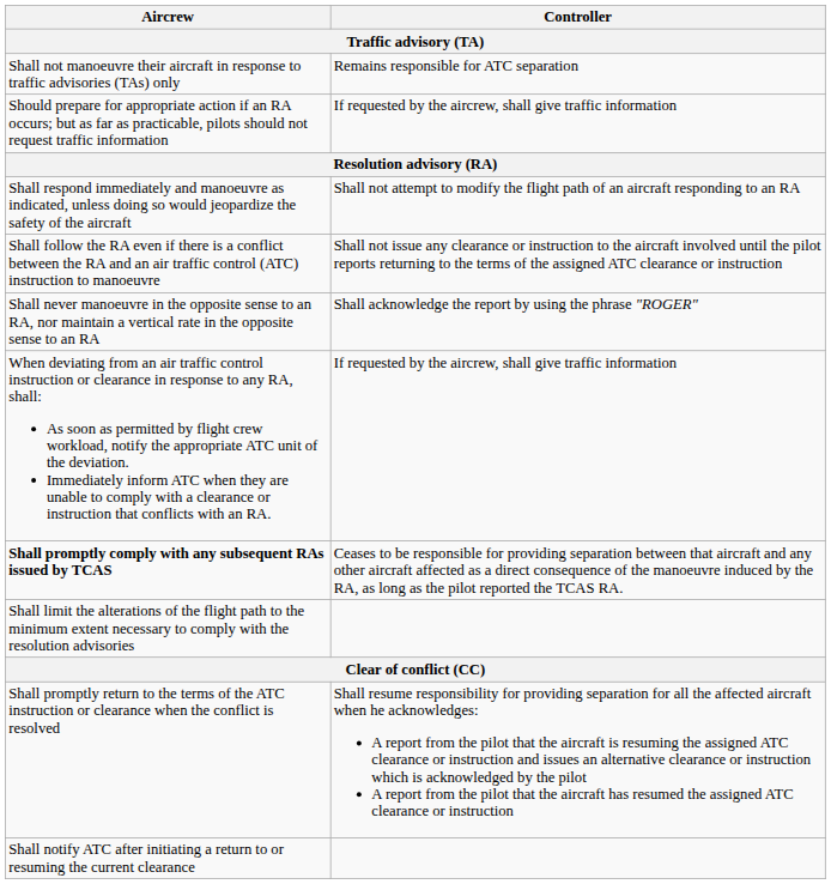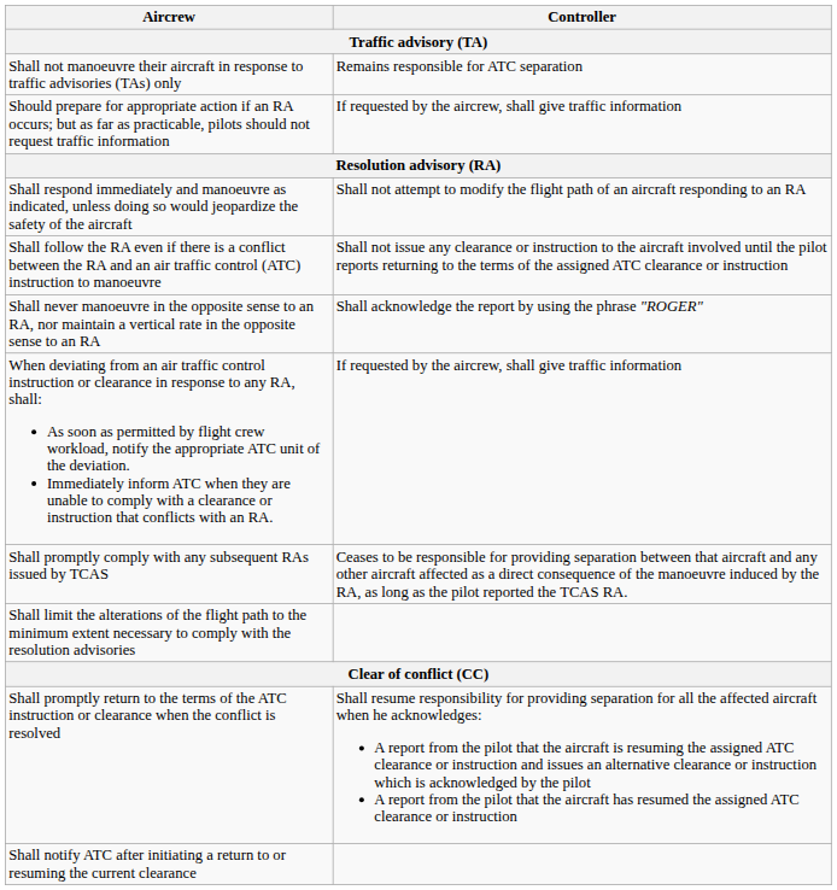 <table class="wikitable">
 <tr valign="top">
 <th center>Aircrew</th>
 <th>Controller</th>
 </tr>
 <tr valign="top">
 <th style="align: center;" colspan="7">Traffic advisory (TA)</th>
 </tr>
 <tr valign="top">
 <td>Shall not manoeuvre their aircraft in response to traffic advisories (TAs) only</td>
 <td>Remains responsible for ATC separation</td>
 </tr>
 <tr valign="top">
 <td>Should prepare for appropriate action if an RA occurs; but as far as practicable, pilots should not request traffic information</td>
 <td>If requested by the aircrew, shall give traffic information</td>
 </tr>
 <tr valign="top">
 <th style="align: center;" colspan="7">Resolution advisory (RA)</th>
 </tr>
 <tr valign="top">
 <td>Shall respond immediately and manoeuvre as indicated, unless doing so would jeopardize the safety of the aircraft</td>
 <td>Shall not attempt to modify the flight path of an aircraft responding to an RA</td>
 </tr>
 <tr valign="top">
 <td>Shall follow the RA even if there is a conflict between the RA and an air traffic control (ATC) instruction to manoeuvre</td>
 <td>Shall not issue any clearance or instruction to the aircraft involved until the pilot reports returning to the terms of the assigned ATC clearance or instruction</td>
 </tr>
 <tr valign="top">
 <td>Shall never manoeuvre in the opposite sense to an RA, nor maintain a vertical rate in the opposite sense to an RA</td>
 <td>Shall acknowledge the report by using the phrase <em>"ROGER"</em></td>
 </tr>
 <tr valign="top">
 <td>When deviating from an air traffic control instruction or clearance in response to any RA, shall:<br><ul><li>As soon as permitted by flight crew workload, notify the appropriate ATC unit of the deviation.</li><li>Immediately inform ATC when they are unable to comply with a clearance or instruction that conflicts with an RA.</li></ul></td>
 <td>If requested by the aircrew, shall give traffic information</td>
 </tr>
 <tr valign="top">
-<td><strong>Shall promptly comply with any subsequent RAs issued by TCAS</strong></td>
+<td>Shall promptly comply with any subsequent RAs issued by TCAS</td>
 <td>Ceases to be responsible for providing separation between that aircraft and any other aircraft affected as a direct consequence of the manoeuvre induced by the RA, as long as the pilot reported the TCAS RA.</td>
 </tr>
 <tr valign="top">
 <td>Shall limit the alterations of the flight path to the minimum extent necessary to comply with the resolution advisories</td>
 <td></td>
 </tr>
 <tr valign="top">
 <th style="align: center;" colspan="7">Clear of conflict (CC)</th>
 </tr>
 <tr valign="top">
 <td>Shall promptly return to the terms of the ATC instruction or clearance when the conflict is resolved</td>
 <td>Shall resume responsibility for providing separation for all the affected aircraft when he acknowledges:<br><ul><li>A report from the pilot that the aircraft is resuming the assigned ATC clearance or instruction and issues an alternative clearance or instruction which is acknowledged by the pilot</li><li>A report from the pilot that the aircraft has resumed the assigned ATC clearance or instruction</li></ul></td>
 </tr>
 <tr valign="top">
 <td>Shall notify ATC after initiating a return to or resuming the current clearance</td>
 <td></td>
 </tr>
 </table>
